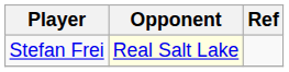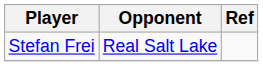 <table class=wikitable>
 <tr>
 <th>Player</th>
 <th>Opponent</th>
 <th>Ref</th>
 </tr>
 <tr>
 <td><a href='#'>Stefan Frei</a></td>
-<td style="background: lightyellow;"><a href='#'>Real Salt Lake</a></td>
+<td><a href='#'>Real Salt Lake</a></td>
 <td></td>
 </tr>
 <tr>
 </tr>
 </table>
